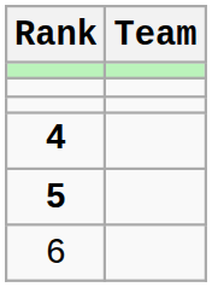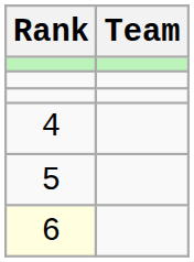 <table class=wikitable style="text-align:center;">
 <tr>
 <th>Rank</th>
 <th>Team</th>
 </tr>
 <tr bgcolor=bbf3bb>
 <td></td>
 <td align=left></td>
 </tr>
 <tr>
 <td></td>
 <td align=left></td>
 </tr>
 <tr>
 <td></td>
 <td align=left></td>
 </tr>
 <tr>
-<td><strong>4</strong></td>
+<td>4</td>
 <td align=left></td>
 </tr>
 <tr>
-<td><strong>5</strong></td>
+<td>5</td>
 <td align=left></td>
 </tr>
 <tr>
-<td>6</td>
+<td style="background: lightyellow;">6</td>
 <td align=left></td>
 </tr>
 </table>
